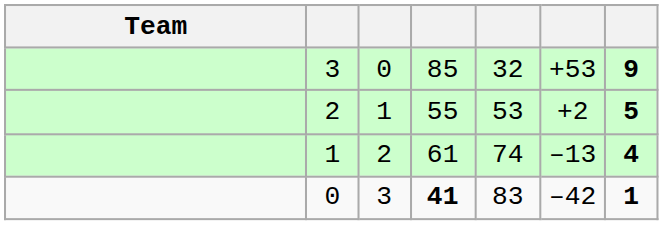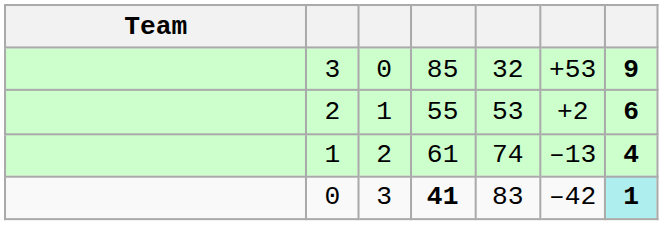 <table class="wikitable" style="text-align:center;">
 <tr>
 <th style="width:11.0em;">Team</th>
 <th style="width:1.5em;"></th>
 <th style="width:1.5em;"></th>
 <th style="width:2.0em;"></th>
 <th style="width:2.0em;"></th>
 <th style="width:2.0em;"></th>
 <th style="width:1.5em;"></th>
 </tr>
 <tr bgcolor=#cfc>
 <td align="left"></td>
 <td>3</td>
 <td>0</td>
 <td>85</td>
 <td>32</td>
 <td>+53</td>
 <td><strong>9</strong></td>
 </tr>
 <tr bgcolor="#cfc">
 <td align="left"></td>
 <td>2</td>
 <td>1</td>
 <td>55</td>
 <td>53</td>
 <td>+2</td>
-<td><strong>5</strong></td>
+<td><strong>6</strong></td>
 </tr>
 <tr bgcolor="#cfc">
 <td align="left"></td>
 <td>1</td>
 <td>2</td>
 <td>61</td>
 <td>74</td>
 <td>–13</td>
 <td><strong>4</strong></td>
 </tr>
 <tr>
 <td align="left"></td>
 <td>0</td>
 <td>3</td>
 <td><strong>41</strong></td>
 <td>83</td>
 <td>–42</td>
-<td><strong>1</strong></td>
+<td style="background: paleturquoise;"><strong>1</strong></td>
 </tr>
 </table>
